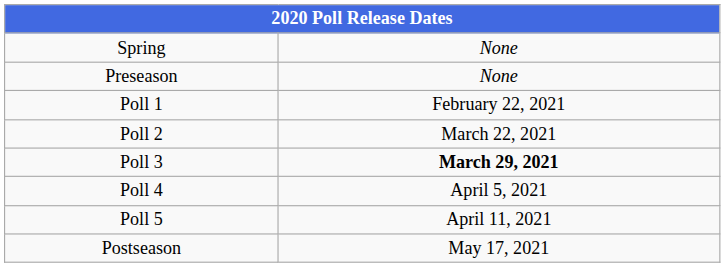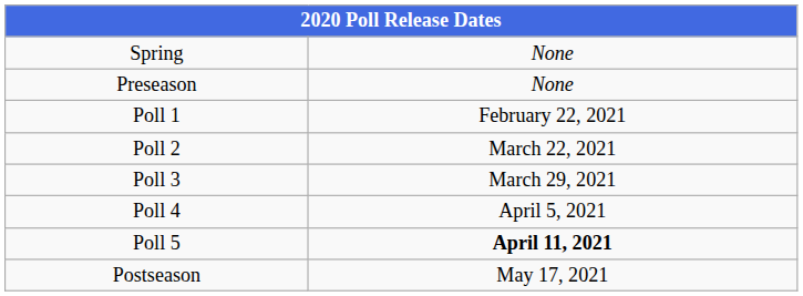 <table class="wikitable" style="width:40%;">
 <tr>
 <th style="background:#4169E1; color:white;" "text-align:center;" colspan="2">2020 Poll Release Dates</th>
 </tr>
 <tr style="text-align:center;">
 <td>Spring</td>
 <td><em>None</em></td>
 </tr>
 <tr style="text-align:center;">
 <td>Preseason</td>
 <td><em>None</em></td>
 </tr>
 <tr style="text-align:center;">
 <td>Poll 1</td>
 <td>February 22, 2021</td>
 </tr>
 <tr style="text-align:center;">
 <td>Poll 2</td>
 <td>March 22, 2021</td>
 </tr>
 <tr style="text-align:center;">
 <td>Poll 3</td>
-<td><strong>March 29, 2021</strong></td>
+<td>March 29, 2021</td>
 </tr>
 <tr style="text-align:center;">
 <td>Poll 4</td>
 <td>April 5, 2021</td>
 </tr>
 <tr style="text-align:center;">
 <td>Poll 5</td>
-<td>April 11, 2021</td>
+<td><strong>April 11, 2021</strong></td>
 </tr>
 <tr style="text-align:center;">
 <td>Postseason</td>
 <td>May 17, 2021</td>
 </tr>
 </table>
